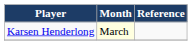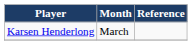 <table class=wikitable>
 <tr>
 <th style="background:#1D3C66; color:#FFFFFF;">Player</th>
 <th style="background:#1D3C66; color:#FFFFFF;">Month</th>
 <th style="background:#1D3C66; color:#FFFFFF;">Reference</th>
 </tr>
 <tr>
 <td> <a href='#'>Karsen Henderlong</a></td>
-<td style="background: lightyellow;">March</td>
+<td>March</td>
 <td></td>
 </tr>
 <tr>
 </tr>
 </table>
